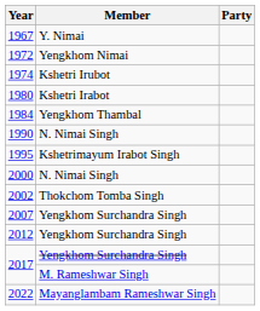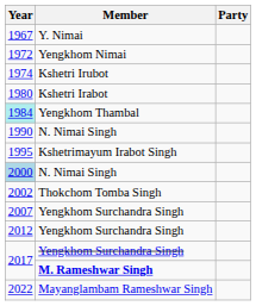 <table class="wikitable sortable">
 <tr>
 <th>Year</th>
 <th>Member</th>
 <th colspan="2">Party</th>
 </tr>
 <tr>
 <td><a href='#'>1967</a></td>
 <td>Y. Nimai</td>
 <td></td>
 </tr>
 <tr>
 <td><a href='#'>1972</a></td>
 <td>Yengkhom Nimai</td>
 <td></td>
 </tr>
 <tr>
 <td><a href='#'>1974</a></td>
 <td>Kshetri Irubot</td>
 <td></td>
 </tr>
 <tr>
 <td><a href='#'>1980</a></td>
 <td>Kshetri Irabot</td>
 <td></td>
 </tr>
 <tr>
-<td><a href='#'>1984</a></td>
+<td style="background: paleturquoise;"><a href='#'>1984</a></td>
 <td>Yengkhom Thambal</td>
 <td></td>
 </tr>
 <tr>
 <td><a href='#'>1990</a></td>
 <td>N. Nimai Singh</td>
 <td></td>
 </tr>
 <tr>
 <td><a href='#'>1995</a></td>
 <td>Kshetrimayum Irabot Singh</td>
 <td></td>
 </tr>
 <tr>
-<td><a href='#'>2000</a></td>
+<td style="background: lightblue;"><a href='#'>2000</a></td>
 <td>N. Nimai Singh</td>
 <td></td>
 </tr>
 <tr>
 <td><a href='#'>2002</a></td>
 <td>Thokchom Tomba Singh</td>
 <td></td>
 </tr>
 <tr>
 <td><a href='#'>2007</a></td>
 <td>Yengkhom Surchandra Singh</td>
 <td></td>
 </tr>
 <tr>
 <td><a href='#'>2012</a></td>
 <td>Yengkhom Surchandra Singh</td>
 <td></td>
 </tr>
 <tr>
 <td rowspan=2><a href='#'>2017</a></td>
 <td><s><a href='#'>Yengkhom Surchandra Singh</a></s></td>
 <td></td>
 </tr>
 <tr>
-<td><a href='#'>M. Rameshwar Singh</a></td>
+<td><strong><a href='#'>M. Rameshwar Singh</a></strong></td>
 <td></td>
 </tr>
 <tr>
 <td><a href='#'>2022</a></td>
 <td><a href='#'>Mayanglambam Rameshwar Singh</a></td>
 <td></td>
 </tr>
 </table>
